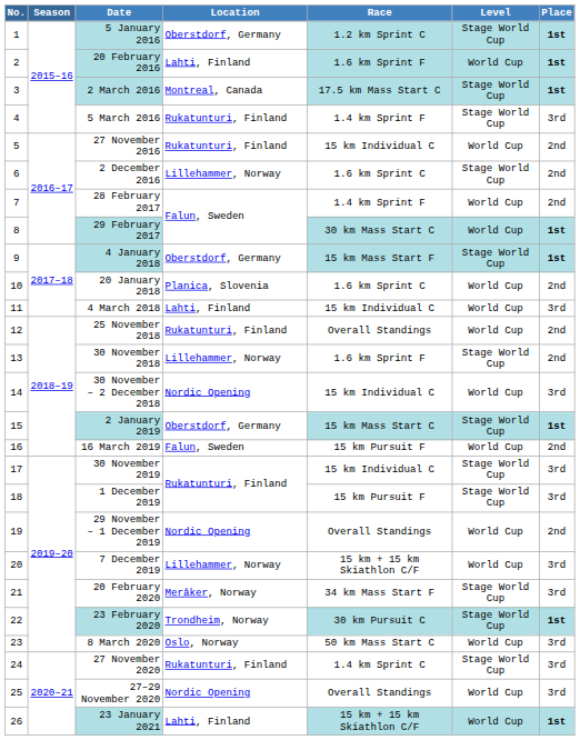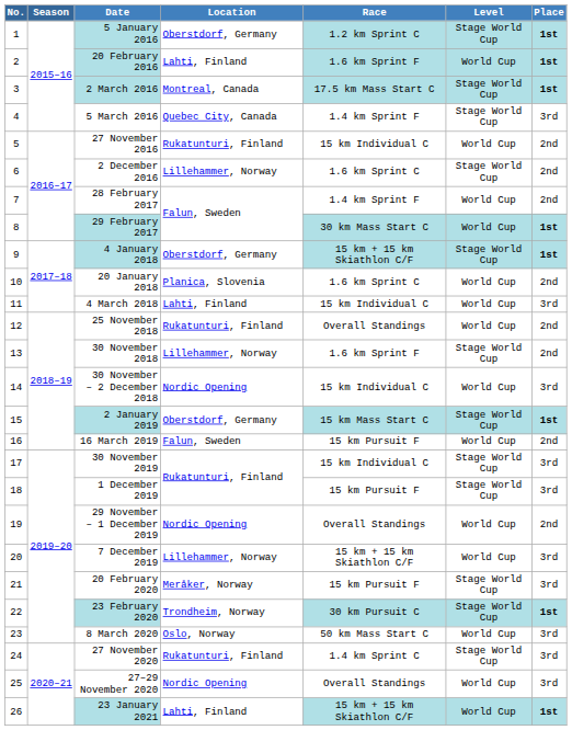 <table class="wikitable sortable" style="font-size:95%; text-align:center; border:grey solid 1px; border-collapse:collapse; background:#ffffff;">
 <tr style="background:#efefef;">
 <th style="background-color:#369; color:white;">No.</th>
 <th style="background-color:#369; color:white;">Season</th>
 <th style="background-color:#4180be; color:white; width:100px;">Date</th>
 <th style="background-color:#4180be; color:white; width:170px;">Location</th>
 <th style="background-color:#4180be; color:white; width:170px;">Race</th>
 <th style="background-color:#4180be; color:white; width:100px;">Level</th>
 <th style="background-color:#4180be; color:white;"><strong>Place</strong></th>
 </tr>
 <tr>
 <td align=center>1</td>
 <td rowspan=4 align=center><a href='#'>2015–16</a></td>
 <td bgcolor="#BOEOE6" align=right>5 January 2016</td>
 <td align=left> <a href='#'>Oberstdorf</a>, Germany</td>
 <td bgcolor="#BOEOE6">1.2 km Sprint C</td>
 <td bgcolor="#BOEOE6">Stage World Cup</td>
 <td bgcolor="#BOEOE6"><strong>1st</strong></td>
 </tr>
 <tr>
 <td align=center>2</td>
 <td bgcolor="#BOEOE6" align=right>20 February 2016</td>
 <td align=left> <a href='#'>Lahti</a>, Finland</td>
 <td bgcolor="#BOEOE6">1.6 km Sprint F</td>
 <td bgcolor="#BOEOE6">World Cup</td>
 <td bgcolor="#BOEOE6"><strong>1st</strong></td>
 </tr>
 <tr>
 <td align=center>3</td>
 <td bgcolor="#BOEOE6" align=right>2 March 2016</td>
 <td align=left> <a href='#'>Montreal</a>, Canada</td>
 <td bgcolor="#BOEOE6">17.5 km Mass Start C</td>
 <td bgcolor="#BOEOE6">Stage World Cup</td>
 <td bgcolor="#BOEOE6"><strong>1st</strong></td>
 </tr>
 <tr>
 <td align=center>4</td>
 <td align=right>5 March 2016</td>
-<td align=left> <a href='#'>Rukatunturi</a>, Finland</td>
+<td align=left> <a href='#'>Quebec City</a>, Canada</td>
 <td>1.4 km Sprint F</td>
 <td>Stage World Cup</td>
 <td>3rd</td>
 </tr>
 <tr>
 <td align=center>5</td>
 <td rowspan=4 align=center><a href='#'>2016–17</a></td>
 <td align=right>27 November 2016</td>
 <td align=left> <a href='#'>Rukatunturi</a>, Finland</td>
 <td>15 km Individual C</td>
 <td>World Cup</td>
 <td>2nd</td>
 </tr>
 <tr>
 <td align=center>6</td>
 <td align=right>2 December 2016</td>
 <td align=left> <a href='#'>Lillehammer</a>, Norway</td>
 <td>1.6 km Sprint C</td>
 <td>Stage World Cup</td>
 <td>2nd</td>
 </tr>
 <tr>
 <td align=center>7</td>
 <td align=right>28 February 2017</td>
 <td rowspan=2 align=left> <a href='#'>Falun</a>, Sweden</td>
 <td>1.4 km Sprint F</td>
 <td>World Cup</td>
 <td>2nd</td>
 </tr>
 <tr>
 <td align=center>8</td>
 <td bgcolor="#BOEOE6" align=right>29 February 2017</td>
 <td bgcolor="#BOEOE6">30 km Mass Start C</td>
 <td bgcolor="#BOEOE6">World Cup</td>
 <td bgcolor="#BOEOE6"><strong>1st</strong></td>
 </tr>
 <tr>
 <td align=center>9</td>
 <td rowspan=3 align=center><a href='#'>2017–18</a></td>
 <td bgcolor="#BOEOE6" align=right>4 January 2018</td>
 <td align=left> <a href='#'>Oberstdorf</a>, Germany</td>
-<td bgcolor="#BOEOE6">15 km Mass Start F</td>
+<td bgcolor="#BOEOE6">15 km + 15 km Skiathlon C/F</td>
 <td bgcolor="#BOEOE6">Stage World Cup</td>
 <td bgcolor="#BOEOE6"><strong>1st</strong></td>
 </tr>
 <tr>
 <td align=center>10</td>
 <td align=right>20 January 2018</td>
 <td align=left> <a href='#'>Planica</a>, Slovenia</td>
 <td>1.6 km Sprint C</td>
 <td>World Cup</td>
 <td>2nd</td>
 </tr>
 <tr>
 <td align=center>11</td>
 <td align=right>4 March 2018</td>
 <td align=left> <a href='#'>Lahti</a>, Finland</td>
 <td>15 km Individual C</td>
 <td>World Cup</td>
 <td>3rd</td>
 </tr>
 <tr>
 <td align=center>12</td>
 <td rowspan=5 align=center><a href='#'>2018–19</a></td>
 <td align=right>25 November 2018</td>
 <td align=left> <a href='#'>Rukatunturi</a>, Finland</td>
 <td>Overall Standings</td>
 <td>World Cup</td>
 <td>2nd</td>
 </tr>
 <tr>
 <td align=center>13</td>
 <td align=right>30 November 2018</td>
 <td align=left> <a href='#'>Lillehammer</a>, Norway</td>
 <td>1.6 km Sprint F</td>
 <td>Stage World Cup</td>
 <td>2nd</td>
 </tr>
 <tr>
 <td align=center>14</td>
 <td align=right>30 November<br> – 2 December 2018</td>
 <td align=left> <a href='#'>Nordic Opening</a></td>
 <td>15 km Individual C</td>
 <td>World Cup</td>
 <td>3rd</td>
 </tr>
 <tr>
 <td align=center>15</td>
 <td bgcolor="#BOEOE6" align=right>2 January 2019</td>
 <td align=left> <a href='#'>Oberstdorf</a>, Germany</td>
 <td bgcolor="#BOEOE6">15 km Mass Start C</td>
 <td bgcolor="#BOEOE6">Stage World Cup</td>
 <td bgcolor="#BOEOE6"><strong>1st</strong></td>
 </tr>
 <tr>
 <td align=center>16</td>
 <td align=right>16 March 2019</td>
 <td align=left> <a href='#'>Falun</a>, Sweden</td>
 <td>15 km Pursuit F</td>
 <td>World Cup</td>
 <td>2nd</td>
 </tr>
 <tr>
 <td align=center>17</td>
 <td rowspan=7 align=center><a href='#'>2019–20</a></td>
 <td align=right>30 November 2019</td>
 <td rowspan=2 align=left> <a href='#'>Rukatunturi</a>, Finland</td>
 <td>15 km Individual C</td>
 <td>Stage World Cup</td>
 <td>3rd</td>
 </tr>
 <tr>
 <td align=center>18</td>
 <td align=right>1 December 2019</td>
 <td>15 km Pursuit F</td>
 <td>Stage World Cup</td>
 <td>3rd</td>
 </tr>
 <tr>
 <td align=center>19</td>
 <td align=right>29 November<br>– 1 December 2019</td>
 <td align=left> <a href='#'>Nordic Opening</a></td>
 <td>Overall Standings</td>
 <td>World Cup</td>
 <td>2nd</td>
 </tr>
 <tr>
 <td align=center>20</td>
 <td align=right>7 December 2019</td>
 <td align=left> <a href='#'>Lillehammer</a>, Norway</td>
 <td>15 km + 15 km Skiathlon C/F</td>
 <td>World Cup</td>
 <td>3rd</td>
 </tr>
 <tr>
 <td align=center>21</td>
 <td align=right>20 February 2020</td>
 <td align=left> <a href='#'>Meråker</a>, Norway</td>
-<td>34 km Mass Start F</td>
+<td>15 km Pursuit F</td>
 <td>Stage World Cup</td>
 <td>3rd</td>
 </tr>
 <tr>
 <td align=center>22</td>
 <td bgcolor="#BOEOE6" align=right>23 February 2020</td>
 <td align=left> <a href='#'>Trondheim</a>, Norway</td>
 <td bgcolor="#BOEOE6">30 km Pursuit C</td>
 <td bgcolor="#BOEOE6">Stage World Cup</td>
 <td bgcolor="#BOEOE6"><strong>1st</strong></td>
 </tr>
 <tr>
 <td align=center>23</td>
 <td align=right>8 March 2020</td>
 <td align=left> <a href='#'>Oslo</a>, Norway</td>
 <td>50 km Mass Start C</td>
 <td>World Cup</td>
 <td>3rd</td>
 </tr>
 <tr>
 <td align=center>24</td>
 <td rowspan="3" align="center"><a href='#'>2020–21</a></td>
 <td align=right>27 November 2020</td>
 <td align=left> <a href='#'>Rukatunturi</a>, Finland</td>
 <td>1.4 km Sprint C</td>
 <td>Stage World Cup</td>
 <td>3rd</td>
 </tr>
 <tr>
 <td align=center>25</td>
 <td align=right>27–29 November 2020</td>
 <td align=left> <a href='#'>Nordic Opening</a></td>
 <td>Overall Standings</td>
 <td>World Cup</td>
 <td>3rd</td>
 </tr>
 <tr>
 <td align=center>26</td>
 <td bgcolor="#BOEOE6" align=right>23 January 2021</td>
 <td align=left> <a href='#'>Lahti</a>, Finland</td>
 <td bgcolor="#BOEOE6">15 km + 15 km Skiathlon C/F</td>
 <td bgcolor="#BOEOE6">World Cup</td>
 <td bgcolor="#BOEOE6"><strong>1st</strong></td>
 </tr>
 </table>
